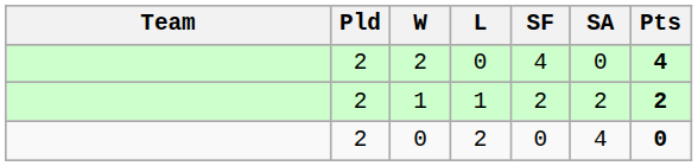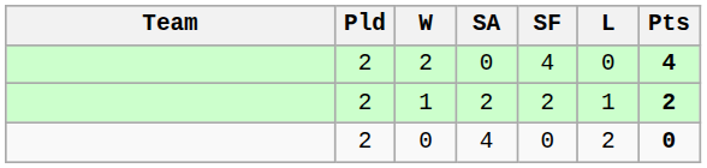 <table class="wikitable" style="text-align: center; font-size:90% ">
 <tr>
 <th width=160>Team</th>
 <th width=25>Pld</th>
 <th width=25>W</th>
+<th width=25>SA</th>
+<th width=25>SF</th>
 <th width=25>L</th>
-<th width=25>SF</th>
-<th width=25>SA</th>
 <th width=25>Pts</th>
 </tr>
 <tr bgcolor=ccffcc>
 <td align=left></td>
 <td>2</td>
 <td>2</td>
 <td>0</td>
 <td>4</td>
 <td>0</td>
 <td><strong>4</strong></td>
 </tr>
 <tr bgcolor=ccffcc>
 <td align=left></td>
 <td>2</td>
 <td>1</td>
-<td>1</td>
 <td>2</td>
 <td>2</td>
+<td>1</td>
 <td><strong>2</strong></td>
 </tr>
 <tr>
 <td align=left></td>
 <td>2</td>
 <td>0</td>
+<td>4</td>
+<td>0</td>
 <td>2</td>
-<td>0</td>
-<td>4</td>
 <td><strong>0</strong></td>
 </tr>
 </table>
